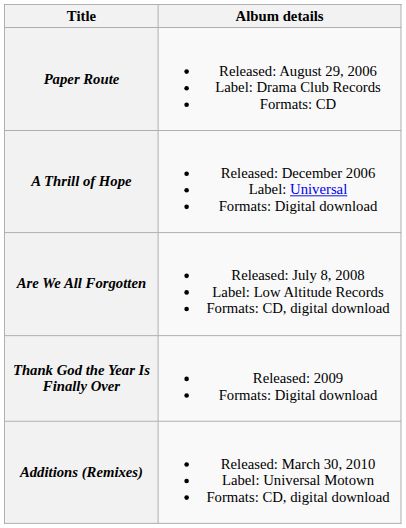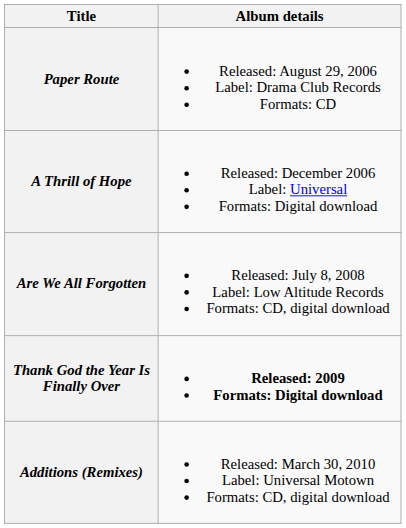 <table class="wikitable plainrowheaders" style="text-align:center;">
 <tr>
 <th scope="col" style="width:10em;">Title</th>
 <th scope="col" style="width:16em;">Album details</th>
 </tr>
 <tr>
 <th scope="row"><em>Paper Route</em></th>
 <td><br><ul><li>Released: August 29, 2006</li><li>Label: Drama Club Records</li><li>Formats: CD</li></ul></td>
 </tr>
 <tr>
 <th scope="row"><em>A Thrill of Hope</em><br></th>
 <td><br><ul><li>Released: December 2006</li><li>Label: <a href='#'>Universal</a></li><li>Formats: Digital download</li></ul></td>
 </tr>
 <tr>
 <th scope="row"><em>Are We All Forgotten</em></th>
 <td><br><ul><li>Released: July 8, 2008</li><li>Label: Low Altitude Records</li><li>Formats: CD, digital download</li></ul></td>
 </tr>
 <tr>
 <th scope="row"><em>Thank God the Year Is Finally Over</em><br></th>
-<td><br><ul><li>Released: 2009</li><li>Formats: Digital download</li></ul></td>
+<td><strong><br><ul><li>Released: 2009</li><li>Formats: Digital download</li></ul></strong></td>
 </tr>
 <tr>
 <th scope="row"><em>Additions (Remixes)</em></th>
 <td><br><ul><li>Released: March 30, 2010</li><li>Label: Universal Motown</li><li>Formats: CD, digital download</li></ul></td>
 </tr>
 </table>
